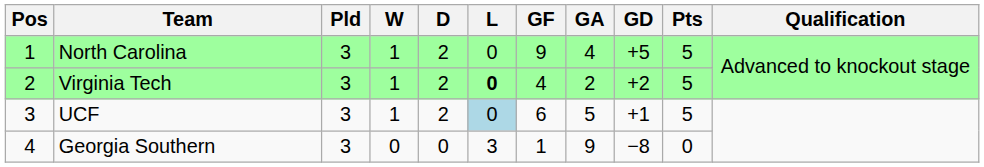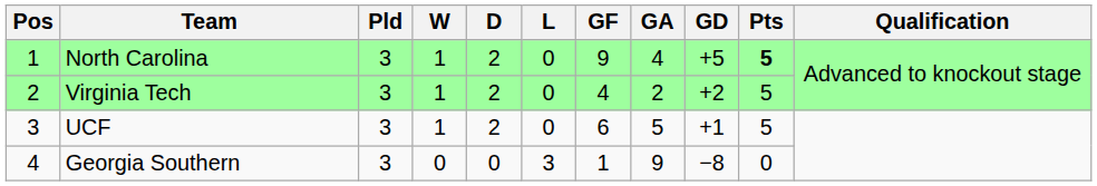 <table class="wikitable" style="text-align:center; margin: 1em auto">
 <tr>
 <th style="width:2em">Pos</th>
 <th style="width:13em">Team</th>
 <th style="width:2em">Pld</th>
 <th style="width:2em">W</th>
 <th style="width:2em">D</th>
 <th style="width:2em">L</th>
 <th style="width:2em">GF</th>
 <th style="width:2em">GA</th>
 <th style="width:2em">GD</th>
 <th style="width:2em">Pts</th>
 <th style="width:13em">Qualification</th>
 </tr>
 <tr bgcolor="#9eff9e">
 <td>1</td>
 <td style="text-align:left">North Carolina</td>
 <td>3</td>
 <td>1</td>
 <td>2</td>
 <td>0</td>
 <td>9</td>
 <td>4</td>
 <td>+5</td>
-<td>5</td>
+<td><strong>5</strong></td>
 <td rowspan="2">Advanced to knockout stage</td>
 </tr>
 <tr bgcolor="#9eff9e">
 <td>2</td>
 <td style="text-align:left">Virginia Tech</td>
 <td>3</td>
 <td>1</td>
 <td>2</td>
-<td><strong>0</strong></td>
+<td>0</td>
 <td>4</td>
 <td>2</td>
 <td>+2</td>
 <td>5</td>
 </tr>
 <tr>
 <td>3</td>
 <td style="text-align:left">UCF</td>
 <td>3</td>
 <td>1</td>
 <td>2</td>
-<td style="background: lightblue;">0</td>
+<td>0</td>
 <td>6</td>
 <td>5</td>
 <td>+1</td>
 <td>5</td>
 <td rowspan="2"></td>
 </tr>
 <tr>
 <td>4</td>
 <td style="text-align:left">Georgia Southern</td>
 <td>3</td>
 <td>0</td>
 <td>0</td>
 <td>3</td>
 <td>1</td>
 <td>9</td>
 <td>−8</td>
 <td>0</td>
 </tr>
 </table>
